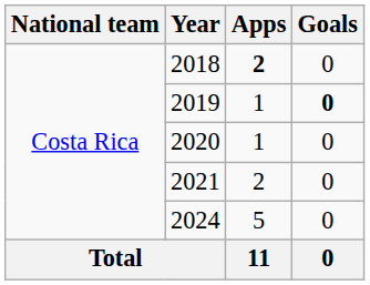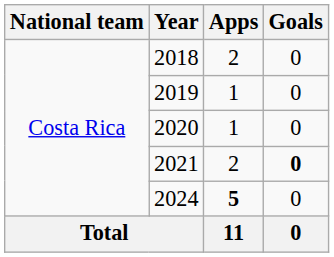 <table class=wikitable style=text-align:center>
 <tr>
 <th>National team</th>
 <th>Year</th>
 <th>Apps</th>
 <th>Goals</th>
 </tr>
 <tr>
 <td rowspan="5"><a href='#'>Costa Rica</a></td>
 <td>2018</td>
-<td><strong>2</strong></td>
+<td>2</td>
 <td>0</td>
 </tr>
 <tr>
 <td>2019</td>
 <td>1</td>
-<td><strong>0</strong></td>
+<td>0</td>
 </tr>
 <tr>
 <td>2020</td>
 <td>1</td>
 <td>0</td>
 </tr>
 <tr>
 <td>2021</td>
 <td>2</td>
-<td>0</td>
+<td><strong>0</strong></td>
 </tr>
 <tr>
 <td>2024</td>
-<td>5</td>
+<td><strong>5</strong></td>
 <td>0</td>
 </tr>
 <tr>
 <th colspan="2">Total</th>
 <th>11</th>
 <th>0</th>
 </tr>
 </table>
